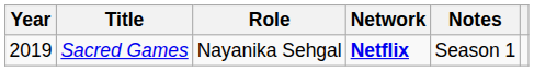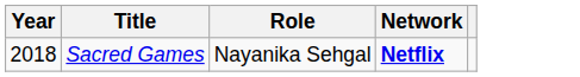 <table class="wikitable plainrowheaders ">
 <tr>
 <th scope="col">Year</th>
 <th scope="col">Title</th>
 <th scope="col">Role</th>
 <th scope="col">Network</th>
-<th scope="col" class="unsortable">Notes</th>
 <th scope="col" class="unsortable"></th>
 </tr>
 <tr>
-<td>2019</td>
+<td>2018</td>
 <td><em><a href='#'>Sacred Games</a></em></td>
 <td>Nayanika Sehgal</td>
 <td><strong><a href='#'>Netflix</a></strong></td>
-<td>Season 1</td>
 <td></td>
 </tr>
 </table>
